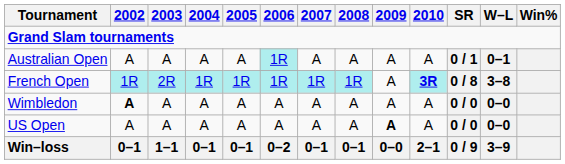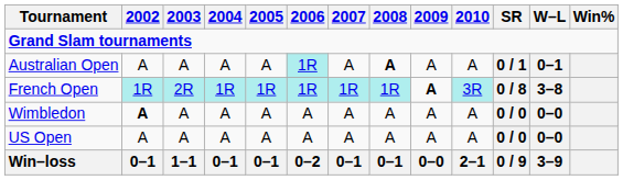 <table class=wikitable style=text-align:center>
 <tr>
 <th>Tournament</th>
 <th><a href='#'>2002</a></th>
 <th><a href='#'>2003</a></th>
 <th><a href='#'>2004</a></th>
 <th><a href='#'>2005</a></th>
 <th><a href='#'>2006</a></th>
 <th><a href='#'>2007</a></th>
 <th><a href='#'>2008</a></th>
 <th><a href='#'>2009</a></th>
 <th><a href='#'>2010</a></th>
 <th>SR</th>
 <th>W–L</th>
 <th>Win%</th>
 </tr>
 <tr>
 <td colspan=25 style=text-align:left><a href='#'><strong>Grand Slam tournaments</strong></a></td>
 </tr>
 <tr>
 <td align=left><a href='#'>Australian Open</a></td>
 <td>A</td>
 <td>A</td>
 <td>A</td>
 <td>A</td>
 <td bgcolor=afeeee><a href='#'>1R</a></td>
 <td>A</td>
-<td>A</td>
+<td><strong>A</strong></td>
 <td>A</td>
 <td>A</td>
 <th>0 / 1</th>
 <th>0–1</th>
 <th></th>
 </tr>
 <tr>
 <td align=left><a href='#'>French Open</a></td>
 <td bgcolor=afeeee><a href='#'>1R</a></td>
 <td bgcolor=afeeee><a href='#'>2R</a></td>
 <td bgcolor=afeeee><a href='#'>1R</a></td>
 <td bgcolor=afeeee><a href='#'>1R</a></td>
 <td bgcolor=afeeee><a href='#'>1R</a></td>
 <td bgcolor=afeeee><a href='#'>1R</a></td>
 <td bgcolor=afeeee><a href='#'>1R</a></td>
-<td>A</td>
-<td bgcolor=afeeee><strong><a href='#'>3R</a></strong></td>
+<td><strong>A</strong></td>
+<td bgcolor=afeeee><a href='#'>3R</a></td>
 <th>0 / 8</th>
 <th>3–8</th>
 <th></th>
 </tr>
 <tr>
 <td align=left><a href='#'>Wimbledon</a></td>
 <td><strong>A</strong></td>
 <td>A</td>
 <td>A</td>
 <td>A</td>
 <td>A</td>
 <td>A</td>
 <td>A</td>
 <td>A</td>
 <td>A</td>
 <th>0 / 0</th>
 <th>0–0</th>
 <th></th>
 </tr>
 <tr>
 <td align=left><a href='#'>US Open</a></td>
 <td>A</td>
 <td>A</td>
 <td>A</td>
 <td>A</td>
 <td>A</td>
 <td>A</td>
 <td>A</td>
-<td><strong>A</strong></td>
+<td>A</td>
 <td>A</td>
 <th>0 / 0</th>
 <th>0–0</th>
 <th></th>
 </tr>
 <tr>
 <th style=text-align:left><strong>Win–loss</strong></th>
 <th>0–1</th>
 <th>1–1</th>
 <th>0–1</th>
 <th>0–1</th>
 <th>0–2</th>
 <th>0–1</th>
 <th>0–1</th>
 <th>0–0</th>
 <th>2–1</th>
 <th>0 / 9</th>
 <th>3–9</th>
 <th></th>
 </tr>
 </table>
